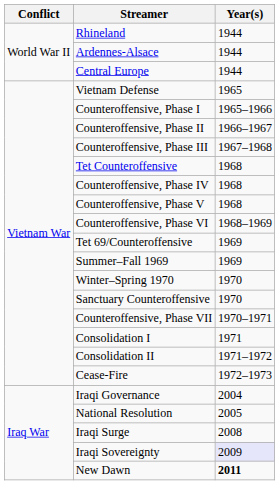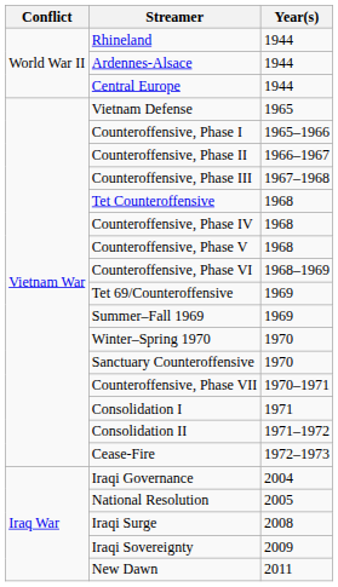 <table class=wikitable>
 <tr>
 <th>Conflict</th>
 <th>Streamer</th>
 <th>Year(s)</th>
 </tr>
 <tr>
 <td rowspan="3">World War II <br> </td>
 <td><a href='#'>Rhineland</a></td>
 <td>1944</td>
 </tr>
 <tr>
 <td><a href='#'>Ardennes-Alsace</a></td>
 <td>1944</td>
 </tr>
 <tr>
 <td><a href='#'>Central Europe</a></td>
 <td>1944</td>
 </tr>
 <tr>
 <td rowspan="16"><a href='#'>Vietnam War</a> <br> </td>
 <td>Vietnam Defense</td>
 <td>1965</td>
 </tr>
 <tr>
 <td>Counteroffensive, Phase I</td>
 <td>1965–1966</td>
 </tr>
 <tr>
 <td>Counteroffensive, Phase II</td>
 <td>1966–1967</td>
 </tr>
 <tr>
 <td>Counteroffensive, Phase III</td>
 <td>1967–1968</td>
 </tr>
 <tr>
 <td><a href='#'>Tet Counteroffensive</a></td>
 <td>1968</td>
 </tr>
 <tr>
 <td>Counteroffensive, Phase IV</td>
 <td>1968</td>
 </tr>
 <tr>
 <td>Counteroffensive, Phase V</td>
 <td>1968</td>
 </tr>
 <tr>
 <td>Counteroffensive, Phase VI</td>
 <td>1968–1969</td>
 </tr>
 <tr>
 <td>Tet 69/Counteroffensive</td>
 <td>1969</td>
 </tr>
 <tr>
 <td>Summer–Fall 1969</td>
 <td>1969</td>
 </tr>
 <tr>
 <td>Winter–Spring 1970</td>
 <td>1970</td>
 </tr>
 <tr>
 <td>Sanctuary Counteroffensive</td>
 <td>1970</td>
 </tr>
 <tr>
 <td>Counteroffensive, Phase VII</td>
 <td>1970–1971</td>
 </tr>
 <tr>
 <td>Consolidation I</td>
 <td>1971</td>
 </tr>
 <tr>
 <td>Consolidation II</td>
 <td>1971–1972</td>
 </tr>
 <tr>
 <td>Cease-Fire</td>
 <td>1972–1973</td>
 </tr>
 <tr>
 <td rowspan="5"><a href='#'>Iraq War</a><br></td>
 <td>Iraqi Governance</td>
 <td>2004</td>
 </tr>
 <tr>
 <td>National Resolution</td>
 <td>2005</td>
 </tr>
 <tr>
 <td>Iraqi Surge</td>
 <td>2008</td>
 </tr>
 <tr>
 <td>Iraqi Sovereignty</td>
-<td style="background: lavender;">2009</td>
+<td>2009</td>
 </tr>
 <tr>
 <td>New Dawn</td>
-<td><strong>2011</strong></td>
+<td>2011</td>
 </tr>
 </table>
